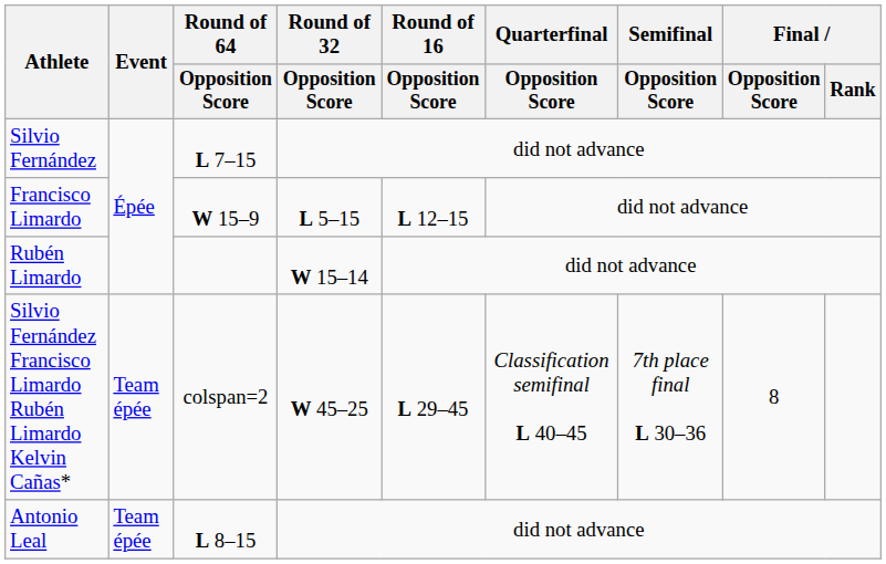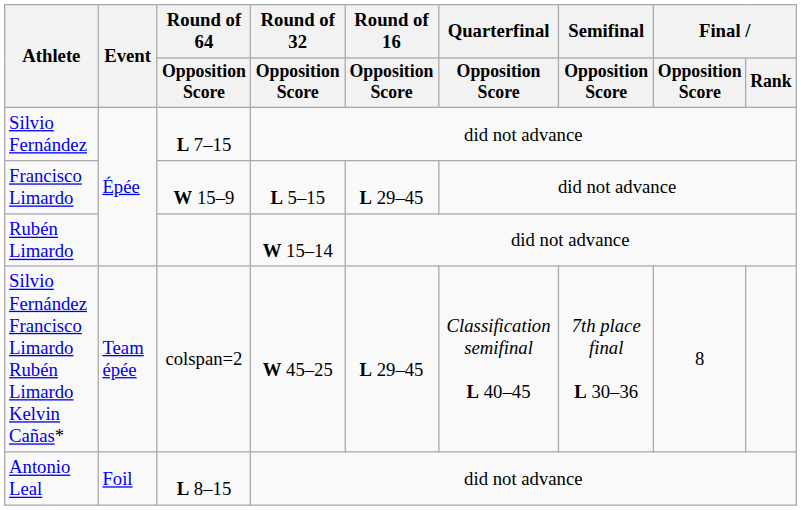 <table class="wikitable" style="font-size:90%">
 <tr>
 <th rowspan=2>Athlete</th>
 <th rowspan=2>Event</th>
 <th>Round of 64</th>
 <th>Round of 32</th>
 <th>Round of 16</th>
 <th>Quarterfinal</th>
 <th>Semifinal</th>
 <th colspan=2>Final / </th>
 </tr>
 <tr style="font-size:95%">
 <th>Opposition<br>Score</th>
 <th>Opposition<br>Score</th>
 <th>Opposition<br>Score</th>
 <th>Opposition<br>Score</th>
 <th>Opposition<br>Score</th>
 <th>Opposition<br>Score</th>
 <th>Rank</th>
 </tr>
 <tr align=center>
 <td align=left><a href='#'>Silvio Fernández</a></td>
 <td align=left rowspan=3><a href='#'>Épée</a></td>
 <td><br><strong>L</strong> 7–15</td>
 <td colspan=6>did not advance</td>
 </tr>
 <tr align=center>
 <td align=left><a href='#'>Francisco Limardo</a></td>
 <td><br><strong>W</strong> 15–9</td>
 <td><br><strong>L</strong> 5–15</td>
-<td><br><strong>L</strong> 12–15</td>
+<td><br><strong>L</strong> 29–45</td>
 <td colspan=4>did not advance</td>
 </tr>
 <tr align=center>
 <td align=left><a href='#'>Rubén Limardo</a></td>
 <td></td>
 <td><br><strong>W</strong> 15–14</td>
 <td colspan=5>did not advance</td>
 </tr>
 <tr align=center>
 <td align=left><a href='#'>Silvio Fernández</a><br><a href='#'>Francisco Limardo</a><br><a href='#'>Rubén Limardo</a><br><a href='#'>Kelvin Cañas</a>*</td>
 <td align=left><a href='#'>Team épée</a></td>
 <td>colspan=2 </td>
 <td><br><strong>W</strong> 45–25</td>
 <td><br><strong>L</strong> 29–45</td>
 <td><em>Classification semifinal</em><br><br><strong>L</strong> 40–45</td>
 <td><em>7th place final</em><br><br><strong>L</strong> 30–36</td>
 <td>8</td>
 </tr>
 <tr align=center>
 <td align=left><a href='#'>Antonio Leal</a></td>
-<td align=left><a href='#'>Team épée</a></td>
+<td align=left><a href='#'>Foil</a></td>
 <td><br><strong>L</strong> 8–15</td>
 <td colspan=6>did not advance</td>
 </tr>
 </table>
